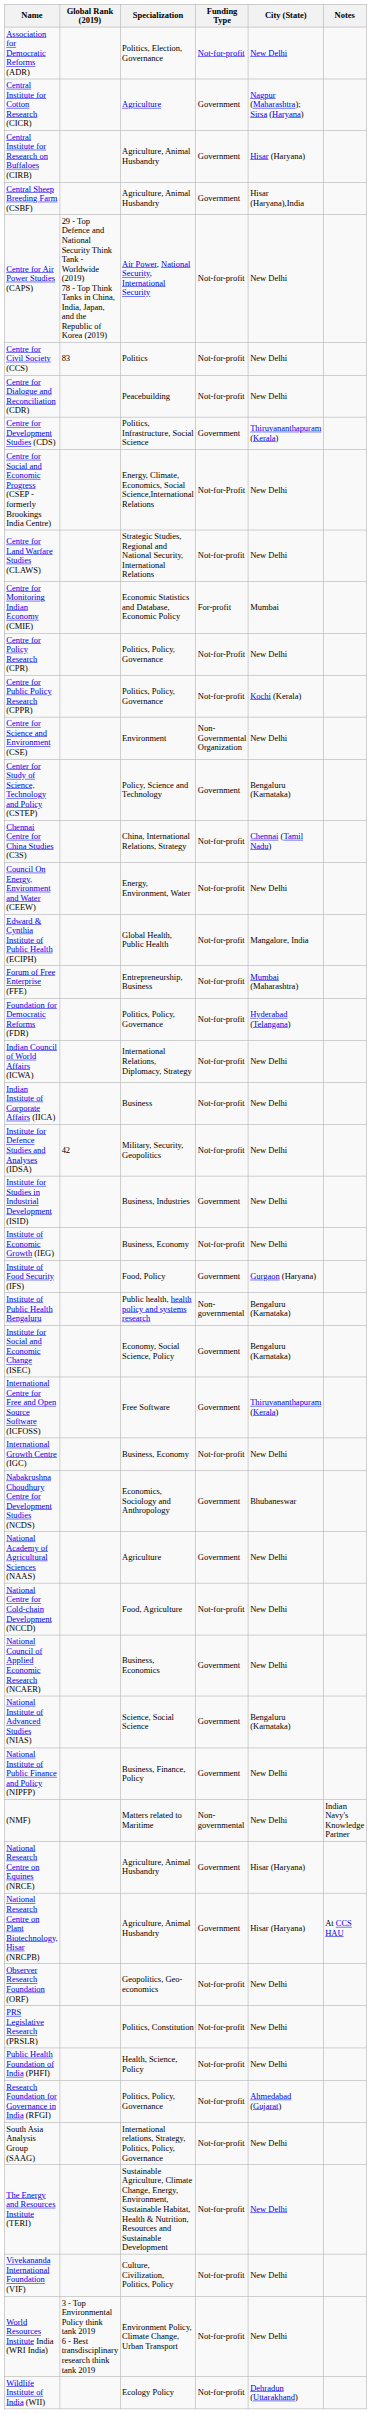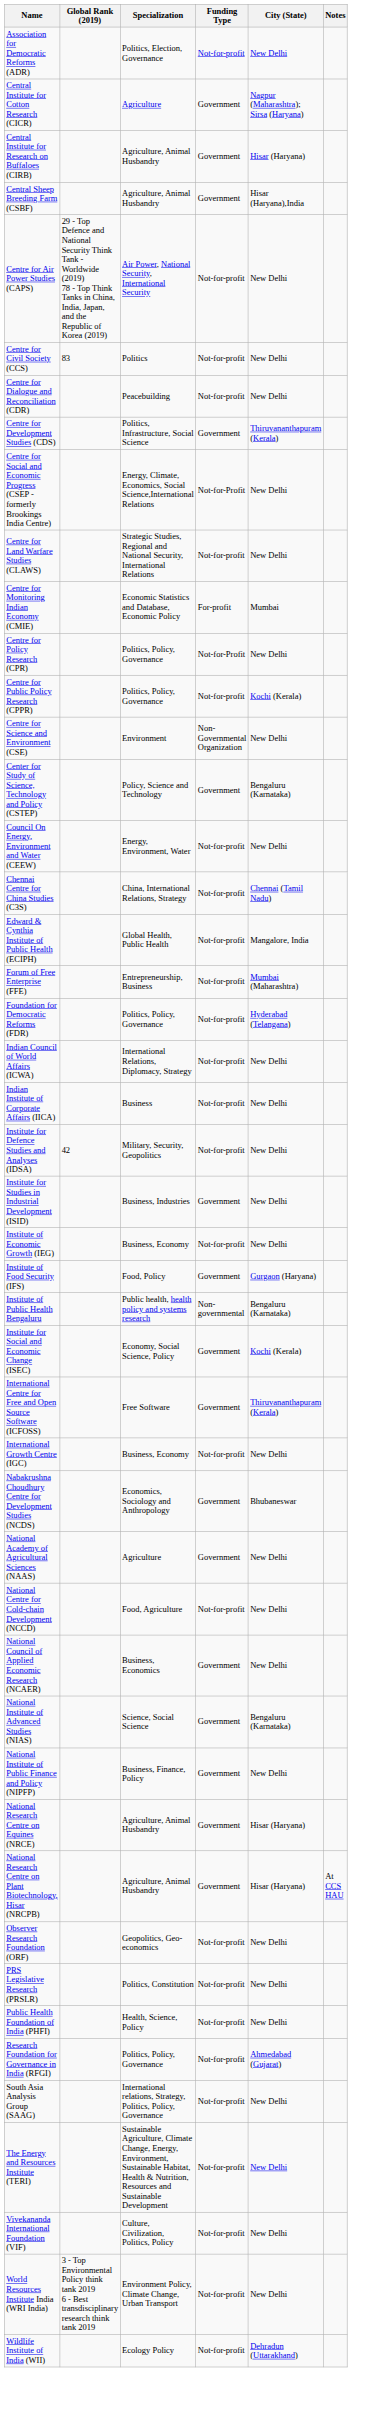 <table class="wikitable sortable">
 <tr>
 <th>Name</th>
 <th>Global Rank (2019) </th>
 <th>Specialization</th>
 <th>Funding Type</th>
 <th>City (State)</th>
 <th>Notes</th>
 </tr>
 <tr>
 <td><a href='#'>Association for Democratic Reforms</a> (ADR)</td>
 <td></td>
 <td>Politics, Election, Governance</td>
 <td><a href='#'>Not-for-profit</a></td>
 <td><a href='#'>New Delhi</a></td>
 <td></td>
 </tr>
 <tr>
 <td><a href='#'>Central Institute for Cotton Research</a> (CICR)</td>
 <td></td>
 <td><a href='#'>Agriculture</a></td>
 <td>Government</td>
 <td><a href='#'>Nagpur</a> (<a href='#'>Maharashtra</a>); <br><a href='#'>Sirsa</a> (<a href='#'>Haryana</a>)</td>
 <td></td>
 </tr>
 <tr>
 <td><a href='#'>Central Institute for Research on Buffaloes</a> (CIRB)</td>
 <td></td>
 <td>Agriculture, Animal Husbandry</td>
 <td>Government</td>
 <td><a href='#'>Hisar</a> (Haryana)</td>
 <td></td>
 </tr>
 <tr>
 <td><a href='#'>Central Sheep Breeding Farm</a> (CSBF)</td>
 <td></td>
 <td>Agriculture, Animal Husbandry</td>
 <td>Government</td>
 <td>Hisar (Haryana),India</td>
 <td></td>
 </tr>
 <tr>
 <td><a href='#'>Centre for Air Power Studies</a> (CAPS)</td>
 <td>29 - Top Defence and National Security Think Tank - Worldwide (2019)<br>78 - Top Think Tanks in China, India, Japan, and the Republic of Korea (2019)</td>
 <td><a href='#'>Air Power</a>, <a href='#'>National Security</a>, <a href='#'>International Security</a></td>
 <td>Not-for-profit</td>
 <td>New Delhi</td>
 <td></td>
 </tr>
 <tr>
 <td><a href='#'>Centre for Civil Society</a> (CCS)</td>
 <td>83</td>
 <td>Politics</td>
 <td>Not-for-profit</td>
 <td>New Delhi</td>
 <td></td>
 </tr>
 <tr>
 <td><a href='#'>Centre for Dialogue and Reconciliation</a> (CDR)</td>
 <td></td>
 <td>Peacebuilding</td>
 <td>Not-for-profit</td>
 <td>New Delhi</td>
 <td></td>
 </tr>
 <tr>
 <td><a href='#'>Centre for Development Studies</a>  (CDS)</td>
 <td></td>
 <td>Politics, Infrastructure, Social Science</td>
 <td>Government</td>
 <td><a href='#'>Thiruvananthapuram</a> (<a href='#'>Kerala</a>)</td>
 <td></td>
 </tr>
 <tr>
 <td><a href='#'>Centre for Social and Economic Progress</a> (CSEP - formerly Brookings India Centre)</td>
 <td></td>
 <td>Energy, Climate, Economics, Social Science,International Relations</td>
 <td>Not-for-Profit </td>
 <td>New Delhi</td>
 </tr>
 <tr>
 <td><a href='#'>Centre for Land Warfare Studies</a> (CLAWS)</td>
 <td></td>
 <td>Strategic Studies, Regional and National Security, International Relations</td>
 <td>Not-for-profit</td>
 <td>New Delhi</td>
 <td></td>
 </tr>
 <tr>
 <td><a href='#'>Centre for Monitoring Indian Economy</a> (CMIE)</td>
 <td></td>
 <td>Economic Statistics and Database, Economic Policy</td>
 <td>For-profit</td>
 <td>Mumbai</td>
 <td></td>
 </tr>
 <tr>
 <td><a href='#'>Centre for Policy Research</a> (CPR)</td>
 <td></td>
 <td>Politics, Policy, Governance</td>
 <td>Not-for-Profit </td>
 <td>New Delhi</td>
 <td></td>
 </tr>
 <tr>
 <td><a href='#'>Centre for Public Policy Research</a> (CPPR)</td>
 <td></td>
 <td>Politics, Policy, Governance</td>
 <td>Not-for-profit</td>
 <td><a href='#'>Kochi</a> (Kerala)</td>
 <td></td>
 </tr>
 <tr>
 <td><a href='#'>Centre for Science and Environment</a> (CSE)</td>
 <td></td>
 <td>Environment</td>
 <td>Non-Governmental Organization</td>
 <td>New Delhi</td>
 <td></td>
 </tr>
 <tr>
 <td><a href='#'>Center for Study of Science, Technology and Policy</a> (CSTEP)</td>
 <td></td>
 <td>Policy, Science and Technology</td>
 <td>Government</td>
 <td>Bengaluru (Karnataka)</td>
 <td></td>
 </tr>
 <tr>
+<td><a href='#'>Council On Energy, Environment and Water</a> (CEEW)</td>
+<td></td>
+<td>Energy, Environment, Water</td>
+<td>Not-for-profit</td>
+<td>New Delhi</td>
+<td></td>
+</tr>
+<tr>
 <td><a href='#'>Chennai Centre for China Studies</a> (C3S)</td>
 <td></td>
 <td>China, International Relations, Strategy</td>
 <td>Not-for-profit</td>
 <td><a href='#'>Chennai</a> (<a href='#'>Tamil Nadu</a>)</td>
-<td></td>
-</tr>
-<tr>
-<td><a href='#'>Council On Energy, Environment and Water</a> (CEEW)</td>
-<td></td>
-<td>Energy, Environment, Water</td>
-<td>Not-for-profit</td>
-<td>New Delhi</td>
 <td></td>
 </tr>
 <tr>
 <td><a href='#'>Edward & Cynthia Institute of Public Health</a> (ECIPH)</td>
 <td></td>
 <td>Global Health, Public Health</td>
 <td>Not-for-profit</td>
 <td>Mangalore, India</td>
 <td></td>
 </tr>
 <tr>
 <td><a href='#'>Forum of Free Enterprise</a> (FFE)</td>
 <td></td>
 <td>Entrepreneurship, Business</td>
 <td>Not-for-profit</td>
 <td><a href='#'>Mumbai</a> (Maharashtra)</td>
 <td></td>
 </tr>
 <tr>
 <td><a href='#'>Foundation for Democratic Reforms</a> (FDR)</td>
 <td></td>
 <td>Politics, Policy, Governance</td>
 <td>Not-for-profit</td>
 <td><a href='#'>Hyderabad</a> (<a href='#'>Telangana</a>)</td>
 <td></td>
 </tr>
 <tr>
 <td><a href='#'>Indian Council of World Affairs</a> (ICWA)</td>
 <td></td>
 <td>International Relations, Diplomacy, Strategy</td>
 <td>Not-for-profit</td>
 <td>New Delhi</td>
 <td></td>
 </tr>
 <tr>
 <td><a href='#'>Indian Institute of Corporate Affairs</a> (IICA)</td>
 <td></td>
 <td>Business</td>
 <td>Not-for-profit</td>
 <td>New Delhi</td>
 <td></td>
 </tr>
 <tr>
 <td><a href='#'>Institute for Defence Studies and Analyses</a> (IDSA)</td>
 <td>42</td>
 <td>Military, Security, Geopolitics</td>
 <td>Not-for-profit</td>
 <td>New Delhi</td>
 <td></td>
 </tr>
 <tr>
 <td><a href='#'>Institute for Studies in Industrial Development</a> (ISID)</td>
 <td></td>
 <td>Business, Industries</td>
 <td>Government</td>
 <td>New Delhi</td>
 <td></td>
 </tr>
 <tr>
 <td><a href='#'>Institute of Economic Growth</a> (IEG)</td>
 <td></td>
 <td>Business, Economy</td>
 <td>Not-for-profit</td>
 <td>New Delhi</td>
 <td></td>
 </tr>
 <tr>
 <td><a href='#'>Institute of Food Security</a> (IFS)</td>
 <td></td>
 <td>Food, Policy</td>
 <td>Government</td>
 <td><a href='#'>Gurgaon</a> (Haryana)</td>
 <td></td>
 </tr>
 <tr>
 <td><a href='#'>Institute of Public Health Bengaluru</a></td>
 <td></td>
 <td>Public health, <a href='#'>health policy and systems research</a></td>
 <td>Non-governmental</td>
 <td>Bengaluru (Karnataka)</td>
 <td></td>
 </tr>
 <tr>
 <td><a href='#'>Institute for Social and Economic Change</a> (ISEC)</td>
 <td></td>
 <td>Economy, Social Science, Policy</td>
 <td>Government</td>
-<td>Bengaluru (Karnataka)</td>
+<td><a href='#'>Kochi</a> (Kerala)</td>
 <td></td>
 </tr>
 <tr>
 <td><a href='#'>International Centre for Free and Open Source Software</a>  (ICFOSS)</td>
 <td></td>
 <td>Free Software</td>
 <td>Government</td>
 <td><a href='#'>Thiruvananthapuram</a> (<a href='#'>Kerala</a>)</td>
 <td></td>
 </tr>
 <tr>
 <td><a href='#'>International Growth Centre</a> (IGC)</td>
 <td></td>
 <td>Business, Economy</td>
 <td>Not-for-profit</td>
 <td>New Delhi</td>
 <td></td>
 </tr>
 <tr>
 <td><a href='#'>Nabakrushna Choudhury Centre for Development Studies</a> (NCDS)</td>
 <td></td>
 <td>Economics, Sociology and Anthropology</td>
 <td>Government</td>
 <td>Bhubaneswar</td>
 <td></td>
 </tr>
 <tr>
 <td><a href='#'>National Academy of Agricultural Sciences</a> (NAAS)</td>
 <td></td>
 <td>Agriculture</td>
 <td>Government</td>
 <td>New Delhi</td>
 <td></td>
 </tr>
 <tr>
 <td><a href='#'>National Centre for Cold-chain Development</a> (NCCD)</td>
 <td></td>
 <td>Food, Agriculture</td>
 <td>Not-for-profit</td>
 <td>New Delhi</td>
 <td></td>
 </tr>
 <tr>
 <td><a href='#'>National Council of Applied Economic Research</a> (NCAER)</td>
 <td></td>
 <td>Business, Economics</td>
 <td>Government</td>
 <td>New Delhi</td>
 <td></td>
 </tr>
 <tr>
 <td><a href='#'>National Institute of Advanced Studies</a> (NIAS)</td>
 <td></td>
 <td>Science, Social Science</td>
 <td>Government</td>
 <td>Bengaluru (Karnataka)</td>
 <td></td>
 </tr>
 <tr>
 <td><a href='#'>National Institute of Public Finance and Policy</a> (NIPFP)</td>
 <td></td>
 <td>Business, Finance, Policy</td>
 <td>Government</td>
 <td>New Delhi</td>
 <td></td>
-</tr>
-<tr>
-<td> (NMF)</td>
-<td></td>
-<td>Matters related to Maritime</td>
-<td>Non-governmental</td>
-<td>New Delhi</td>
-<td>Indian Navy's Knowledge Partner</td>
 </tr>
 <tr>
 <td><a href='#'>National Research Centre on Equines</a> (NRCE)</td>
 <td></td>
 <td>Agriculture, Animal Husbandry</td>
 <td>Government</td>
 <td>Hisar (Haryana)</td>
 <td></td>
 </tr>
 <tr>
 <td><a href='#'>National Research Centre on Plant Biotechnology, Hisar</a> (NRCPB)</td>
 <td></td>
 <td>Agriculture, Animal Husbandry</td>
 <td>Government</td>
 <td>Hisar (Haryana)</td>
 <td>At <a href='#'>CCS HAU</a></td>
 </tr>
 <tr>
 <td><a href='#'>Observer Research Foundation</a> (ORF)</td>
 <td></td>
 <td>Geopolitics, Geo-economics</td>
 <td>Not-for-profit</td>
 <td>New Delhi</td>
 <td></td>
 </tr>
 <tr>
 <td><a href='#'>PRS Legislative Research</a> (PRSLR)</td>
 <td></td>
 <td>Politics, Constitution</td>
 <td>Not-for-profit</td>
 <td>New Delhi</td>
 <td></td>
 </tr>
 <tr>
 <td><a href='#'>Public Health Foundation of India</a> (PHFI)</td>
 <td></td>
 <td>Health, Science, Policy</td>
 <td>Not-for-profit</td>
 <td>New Delhi</td>
 <td></td>
 </tr>
 <tr>
 <td><a href='#'>Research Foundation for Governance in India</a> (RFGI)</td>
 <td></td>
 <td>Politics, Policy, Governance</td>
 <td>Not-for-profit</td>
 <td><a href='#'>Ahmedabad</a> (<a href='#'>Gujarat</a>)</td>
 <td></td>
 </tr>
 <tr>
 <td>South Asia Analysis Group (SAAG)</td>
 <td></td>
 <td>International relations, Strategy, Politics, Policy, Governance</td>
 <td>Not-for-profit</td>
 <td>New Delhi</td>
 <td></td>
 </tr>
 <tr>
 <td><a href='#'>The Energy and Resources Institute</a> (TERI)</td>
 <td></td>
 <td>Sustainable Agriculture, Climate Change, Energy, Environment, Sustainable Habitat, Health & Nutrition, Resources and Sustainable Development</td>
 <td>Not-for-profit</td>
 <td><a href='#'>New Delhi</a></td>
 <td></td>
 </tr>
 <tr>
 <td><a href='#'>Vivekananda International Foundation</a> (VIF)</td>
 <td></td>
 <td>Culture, Civilization, Politics, Policy</td>
 <td>Not-for-profit</td>
 <td>New Delhi</td>
 <td></td>
 </tr>
 <tr>
 <td><a href='#'>World Resources Institute</a> India (WRI India)</td>
 <td>3 - Top Environmental Policy think tank 2019<br>6 - Best transdisciplinary research think tank 2019</td>
 <td>Environment Policy, Climate Change, Urban Transport</td>
 <td>Not-for-profit</td>
 <td>New Delhi</td>
 <td></td>
 </tr>
 <tr>
 <td><a href='#'>Wildlife Institute of India</a> (WII)</td>
 <td></td>
 <td>Ecology Policy</td>
 <td>Not-for-profit</td>
 <td><a href='#'>Dehradun</a> (<a href='#'>Uttarakhand</a>)</td>
 <td></td>
 </tr>
 </table>
